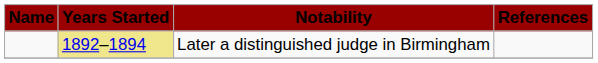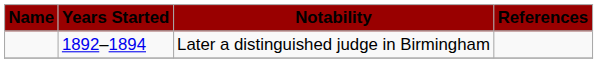 <table class="wikitable sortable" style="text-align:left;">
 <tr>
 <th style="background:#990000;"><span>Name</span></th>
 <th style="background:#990000;"><span>Years Started</span></th>
 <th style="background:#990000;"><span>Notability</span></th>
 <th style="background:#990000;"><span>References</span></th>
 </tr>
 <tr>
 <td></td>
-<td style="background: khaki;"><a href='#'>1892</a>–<a href='#'>1894</a></td>
+<td><a href='#'>1892</a>–<a href='#'>1894</a></td>
 <td>Later a distinguished judge in Birmingham</td>
 <td></td>
 </tr>
 <tr>
 </tr>
 </table>
